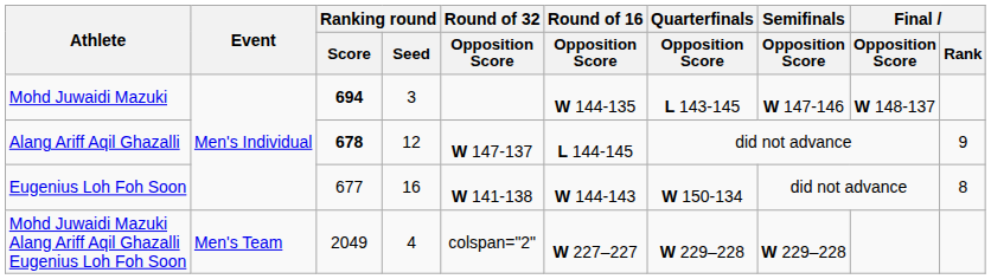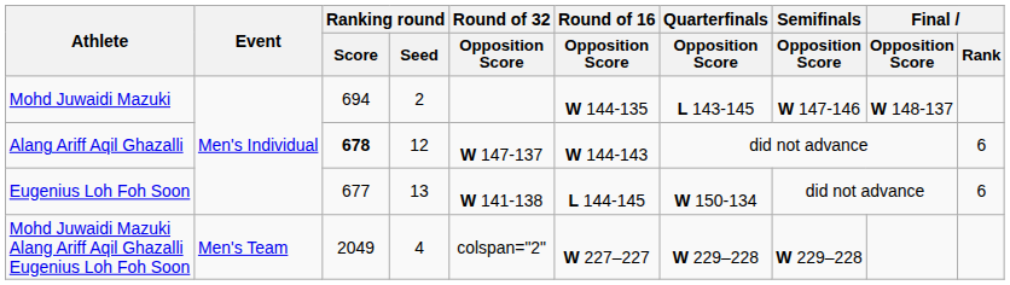 <table class=wikitable style=font-size:88%;text-align:center>
 <tr>
 <th rowspan=2>Athlete</th>
 <th rowspan=2>Event</th>
 <th colspan=2>Ranking round</th>
 <th>Round of 32</th>
 <th>Round of 16</th>
 <th>Quarterfinals</th>
 <th>Semifinals</th>
 <th colspan=2>Final / </th>
 </tr>
 <tr style=font-size:95%>
 <th>Score</th>
 <th>Seed</th>
 <th>Opposition<br>Score</th>
 <th>Opposition<br>Score</th>
 <th>Opposition<br>Score</th>
 <th>Opposition<br>Score</th>
 <th>Opposition<br>Score</th>
 <th>Rank</th>
 </tr>
 <tr>
 <td align=left><a href='#'>Mohd Juwaidi Mazuki</a></td>
 <td align=left rowspan=3><a href='#'>Men's Individual</a></td>
-<td><strong>694</strong></td>
-<td>3</td>
+<td>694</td>
+<td>2</td>
 <td></td>
 <td><br><strong>W</strong> 144-135</td>
 <td><br><strong>L</strong> 143-145</td>
 <td><br><strong>W</strong> 147-146</td>
 <td><br><strong>W</strong> 148-137</td>
 <td></td>
 </tr>
 <tr>
 <td align=left><a href='#'>Alang Ariff Aqil Ghazalli</a></td>
 <td><strong>678</strong></td>
 <td>12</td>
 <td><br><strong>W</strong> 147-137</td>
-<td><br><strong>L</strong> 144-145</td>
+<td><br><strong>W</strong> 144-143</td>
 <td colspan="3">did not advance</td>
-<td>9</td>
+<td>6</td>
 </tr>
 <tr>
 <td align=left><a href='#'>Eugenius Loh Foh Soon</a></td>
 <td>677</td>
-<td>16</td>
+<td>13</td>
 <td><br><strong>W</strong> 141-138</td>
-<td><br><strong>W</strong> 144-143</td>
+<td><br><strong>L</strong> 144-145</td>
 <td><br><strong>W</strong> 150-134</td>
 <td colspan="2">did not advance</td>
-<td>8</td>
+<td>6</td>
 </tr>
 <tr>
 <td align=left><a href='#'>Mohd Juwaidi Mazuki</a><br><a href='#'>Alang Ariff Aqil Ghazalli</a><br><a href='#'>Eugenius Loh Foh Soon</a></td>
 <td align=left><a href='#'>Men's Team</a></td>
 <td>2049</td>
 <td>4</td>
 <td>colspan="2" </td>
 <td><br><strong>W</strong> 227–227</td>
 <td><br><strong>W</strong> 229–228</td>
 <td><br><strong>W</strong> 229–228</td>
 <td></td>
 </tr>
 </table>
